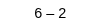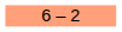 <table style="text-align:center">
 <tr>
 <th width=200></th>
 <th width=100></th>
 <th width=200></th>
 </tr>
 <tr>
 <td align=right><strong></strong></td>
-<td>6 – 2</td>
+<td style="background: lightsalmon;">6 – 2</td>
 <td align=left></td>
 </tr>
 </table>
